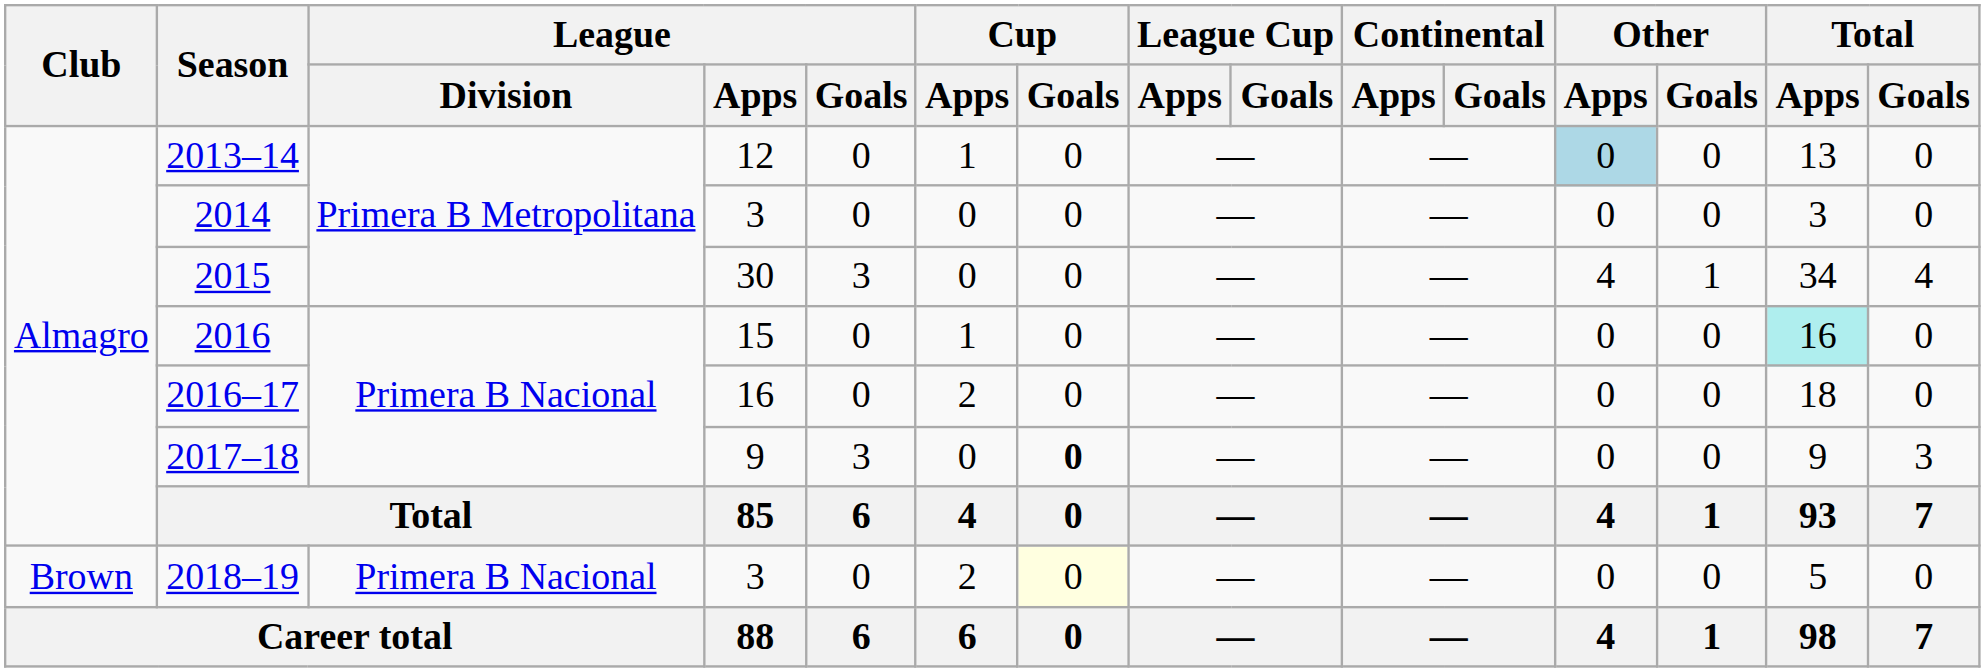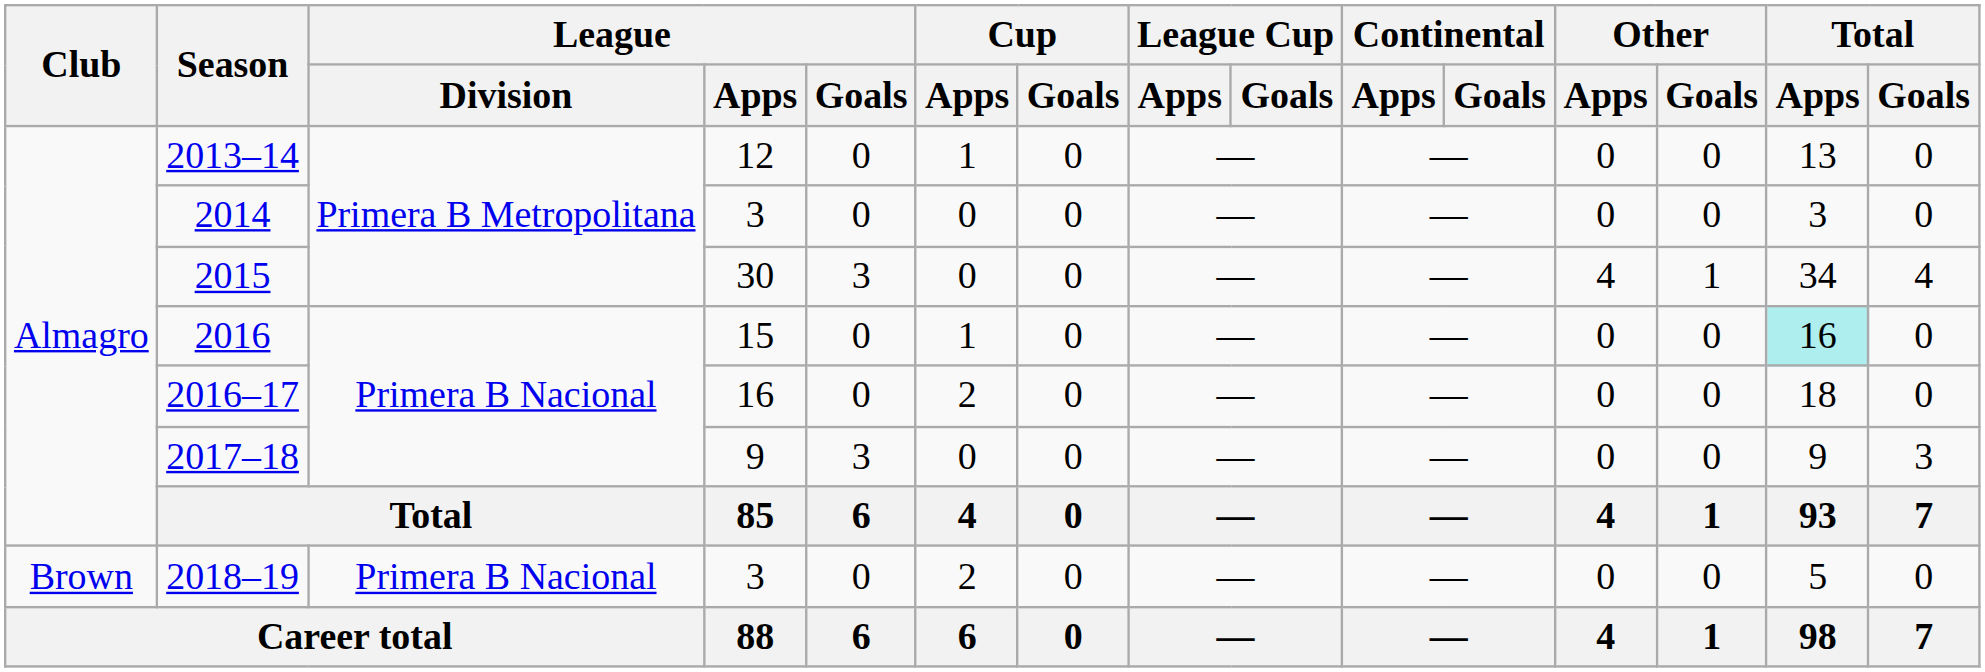 <table class="wikitable" style="text-align:center">
 <tr>
 <th rowspan="2">Club</th>
 <th rowspan="2">Season</th>
 <th colspan="3">League</th>
 <th colspan="2">Cup</th>
 <th colspan="2">League Cup</th>
 <th colspan="2">Continental</th>
 <th colspan="2">Other</th>
 <th colspan="2">Total</th>
 </tr>
 <tr>
 <th>Division</th>
 <th>Apps</th>
 <th>Goals</th>
 <th>Apps</th>
 <th>Goals</th>
 <th>Apps</th>
 <th>Goals</th>
 <th>Apps</th>
 <th>Goals</th>
 <th>Apps</th>
 <th>Goals</th>
 <th>Apps</th>
 <th>Goals</th>
 </tr>
 <tr>
 <td rowspan="7"><a href='#'>Almagro</a></td>
 <td><a href='#'>2013–14</a></td>
 <td rowspan="3"><a href='#'>Primera B Metropolitana</a></td>
 <td>12</td>
 <td>0</td>
 <td>1</td>
 <td>0</td>
 <td colspan="2">—</td>
 <td colspan="2">—</td>
-<td style="background: lightblue;">0</td>
+<td>0</td>
 <td>0</td>
 <td>13</td>
 <td>0</td>
 </tr>
 <tr>
 <td><a href='#'>2014</a></td>
 <td>3</td>
 <td>0</td>
 <td>0</td>
 <td>0</td>
 <td colspan="2">—</td>
 <td colspan="2">—</td>
 <td>0</td>
 <td>0</td>
 <td>3</td>
 <td>0</td>
 </tr>
 <tr>
 <td><a href='#'>2015</a></td>
 <td>30</td>
 <td>3</td>
 <td>0</td>
 <td>0</td>
 <td colspan="2">—</td>
 <td colspan="2">—</td>
 <td>4</td>
 <td>1</td>
 <td>34</td>
 <td>4</td>
 </tr>
 <tr>
 <td><a href='#'>2016</a></td>
 <td rowspan="3"><a href='#'>Primera B Nacional</a></td>
 <td>15</td>
 <td>0</td>
 <td>1</td>
 <td>0</td>
 <td colspan="2">—</td>
 <td colspan="2">—</td>
 <td>0</td>
 <td>0</td>
 <td style="background: paleturquoise;">16</td>
 <td>0</td>
 </tr>
 <tr>
 <td><a href='#'>2016–17</a></td>
 <td>16</td>
 <td>0</td>
 <td>2</td>
 <td>0</td>
 <td colspan="2">—</td>
 <td colspan="2">—</td>
 <td>0</td>
 <td>0</td>
 <td>18</td>
 <td>0</td>
 </tr>
 <tr>
 <td><a href='#'>2017–18</a></td>
 <td>9</td>
 <td>3</td>
 <td>0</td>
-<td><strong>0</strong></td>
+<td>0</td>
 <td colspan="2">—</td>
 <td colspan="2">—</td>
 <td>0</td>
 <td>0</td>
 <td>9</td>
 <td>3</td>
 </tr>
 <tr>
 <th colspan="2">Total</th>
 <th>85</th>
 <th>6</th>
 <th>4</th>
 <th>0</th>
 <th colspan="2">—</th>
 <th colspan="2">—</th>
 <th>4</th>
 <th>1</th>
 <th>93</th>
 <th>7</th>
 </tr>
 <tr>
 <td rowspan="1"><a href='#'>Brown</a></td>
 <td><a href='#'>2018–19</a></td>
 <td rowspan="1"><a href='#'>Primera B Nacional</a></td>
 <td>3</td>
 <td>0</td>
 <td>2</td>
-<td style="background: lightyellow;">0</td>
+<td>0</td>
 <td colspan="2">—</td>
 <td colspan="2">—</td>
 <td>0</td>
 <td>0</td>
 <td>5</td>
 <td>0</td>
 </tr>
 <tr>
 <th colspan="3">Career total</th>
 <th>88</th>
 <th>6</th>
 <th>6</th>
 <th>0</th>
 <th colspan="2">—</th>
 <th colspan="2">—</th>
 <th>4</th>
 <th>1</th>
 <th>98</th>
 <th>7</th>
 </tr>
 </table>
